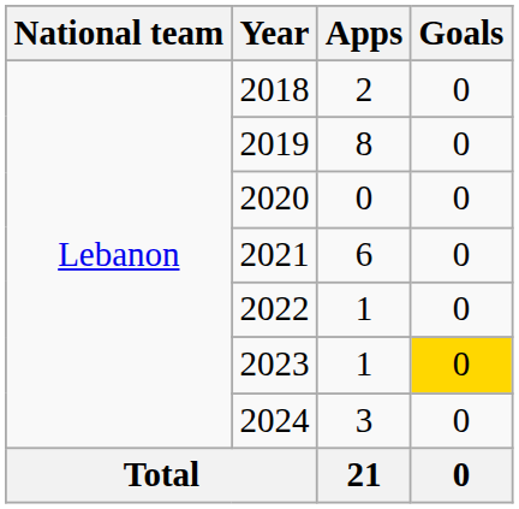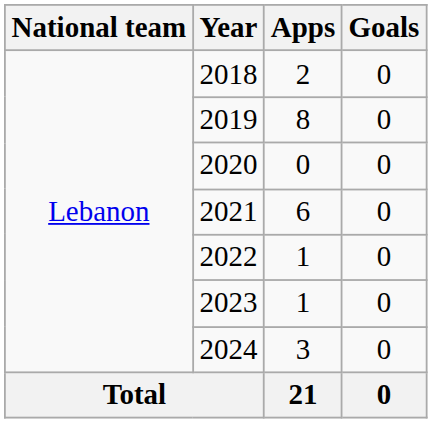 <table class="wikitable" style="text-align:center">
 <tr>
 <th>National team</th>
 <th>Year</th>
 <th>Apps</th>
 <th>Goals</th>
 </tr>
 <tr>
 <td rowspan="7"><a href='#'>Lebanon</a></td>
 <td>2018</td>
 <td>2</td>
 <td>0</td>
 </tr>
 <tr>
 <td>2019</td>
 <td>8</td>
 <td>0</td>
 </tr>
 <tr>
 <td>2020</td>
 <td>0</td>
 <td>0</td>
 </tr>
 <tr>
 <td>2021</td>
 <td>6</td>
 <td>0</td>
 </tr>
 <tr>
 <td>2022</td>
 <td>1</td>
 <td>0</td>
 </tr>
 <tr>
 <td>2023</td>
 <td>1</td>
-<td style="background: gold;">0</td>
+<td>0</td>
 </tr>
 <tr>
 <td>2024</td>
 <td>3</td>
 <td>0</td>
 </tr>
 <tr>
 <th colspan="2">Total</th>
 <th>21</th>
 <th>0</th>
 </tr>
 </table>
